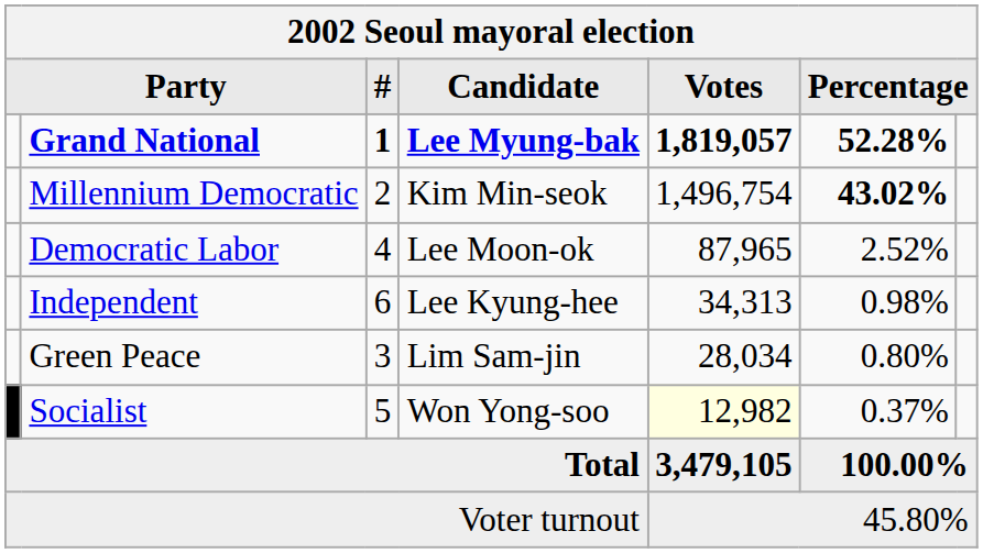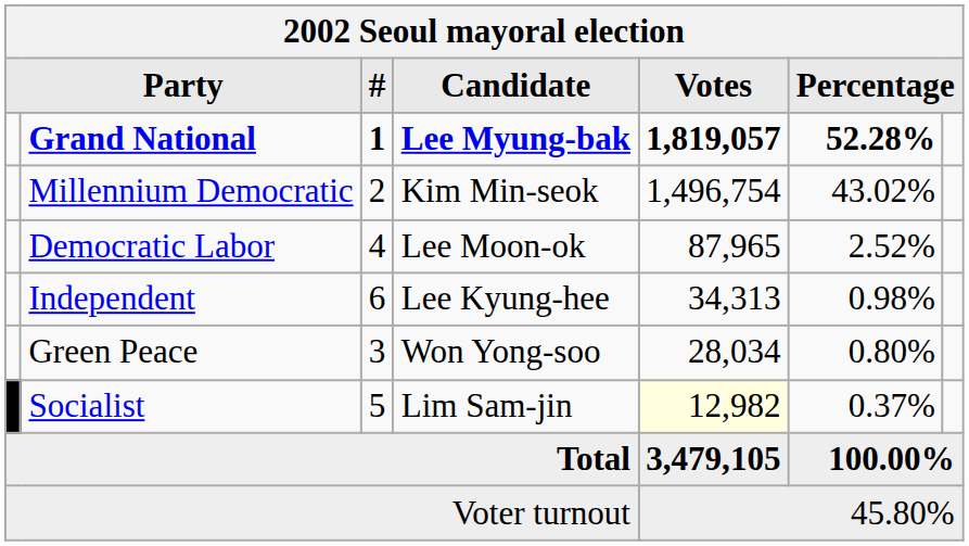 <table class="wikitable">
 <tr>
 <th colspan="7">2002 Seoul mayoral election</th>
 </tr>
 <tr>
 <th style="background-color:#E9E9E9" colspan=2>Party</th>
 <th style="background-color:#E9E9E9">#</th>
 <th style="background-color:#E9E9E9">Candidate</th>
 <th style="background-color:#E9E9E9">Votes</th>
 <th style="background-color:#E9E9E9" colspan=2>Percentage</th>
 </tr>
 <tr style="font-weight:bold">
 <td></td>
 <td align=left><a href='#'>Grand National</a></td>
 <td align=center>1</td>
 <td align=left><a href='#'>Lee Myung-bak</a></td>
 <td align=right>1,819,057</td>
 <td align=right>52.28%</td>
 <td align=right></td>
 </tr>
 <tr>
 <td></td>
 <td align=left><a href='#'>Millennium Democratic</a></td>
 <td align=center>2</td>
 <td align=left>Kim Min-seok</td>
 <td align=right>1,496,754</td>
-<td align=right><strong>43.02%</strong></td>
+<td align=right>43.02%</td>
 <td align=right></td>
 </tr>
 <tr>
 <td></td>
 <td align=left><a href='#'>Democratic Labor</a></td>
 <td align=center>4</td>
 <td align=left>Lee Moon-ok</td>
 <td align=right>87,965</td>
 <td align=right>2.52%</td>
 <td align=right></td>
 </tr>
 <tr>
 <td></td>
 <td align=left><a href='#'>Independent</a></td>
 <td align=center>6</td>
 <td align=left>Lee Kyung-hee</td>
 <td align=right>34,313</td>
 <td align=right>0.98%</td>
 <td align=right></td>
 </tr>
 <tr>
 <td></td>
 <td align=left>Green Peace</td>
 <td align=center>3</td>
-<td align=left>Lim Sam-jin</td>
+<td align=left>Won Yong-soo</td>
 <td align=right>28,034</td>
 <td align=right>0.80%</td>
 <td align=right></td>
 </tr>
 <tr>
 <td bgcolor="black"></td>
 <td align=left><a href='#'>Socialist</a></td>
 <td align=center>5</td>
-<td align=left>Won Yong-soo</td>
+<td align=left>Lim Sam-jin</td>
 <td align=right style="background: lightyellow;">12,982</td>
 <td align=right>0.37%</td>
 <td align=right></td>
 </tr>
 <tr bgcolor="#EEEEEE" style="font-weight:bold">
 <td colspan="4" align=right>Total</td>
 <td align=right>3,479,105</td>
 <td align=right colspan=2>100.00%</td>
 </tr>
 <tr bgcolor="#EEEEEE">
 <td colspan="4" align="right">Voter turnout</td>
 <td colspan="3" align="right">45.80%</td>
 </tr>
 </table>
